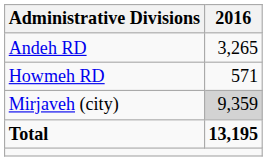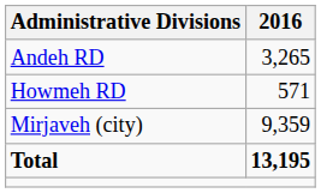 <table class="wikitable">
 <tr>
 <th>Administrative Divisions</th>
 <th>2016</th>
 </tr>
 <tr>
 <td><a href='#'>Andeh RD</a></td>
 <td style="text-align: right;">3,265</td>
 </tr>
 <tr>
 <td><a href='#'>Howmeh RD</a></td>
 <td style="text-align: right;">571</td>
 </tr>
 <tr>
 <td><a href='#'>Mirjaveh</a> (city)</td>
-<td style="background: lightgrey; text-align: right;">9,359</td>
+<td style="text-align: right;">9,359</td>
 </tr>
 <tr>
 <td><strong>Total</strong></td>
 <td style="text-align: right;"><strong>13,195</strong></td>
 </tr>
 <tr>
 <td colspan=2></td>
 </tr>
 </table>
